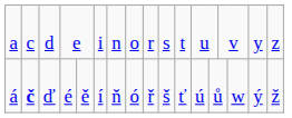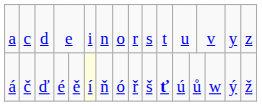 <table class="wikitable" style="line-height: 1.2">
 <tr align=center>
 <td> <br> <a href='#'>a</a></td>
 <td> <br> <a href='#'>c</a></td>
 <td> <br> <a href='#'>d</a></td>
 <td colspan=2> <br> <a href='#'>e</a></td>
 <td> <br> <a href='#'>i</a></td>
 <td> <br> <a href='#'>n</a></td>
 <td> <br> <a href='#'>o</a></td>
 <td> <br> <a href='#'>r</a></td>
 <td> <br> <a href='#'>s</a></td>
 <td> <br> <a href='#'>t</a></td>
 <td colspan=2> <br> <a href='#'>u</a></td>
 <td colspan=2> <br> <a href='#'>v</a></td>
 <td> <br> <a href='#'>y</a></td>
 <td> <br> <a href='#'>z</a></td>
 </tr>
 <tr align=center>
 <td> <br> <a href='#'>á</a></td>
-<td><strong> <br> <a href='#'>č</a></strong></td>
+<td> <br> <a href='#'>č</a></td>
 <td> <br> <a href='#'>ď</a></td>
 <td> <br> <a href='#'>é</a></td>
 <td> <br> <a href='#'>ě</a></td>
-<td> <br> <a href='#'>í</a></td>
+<td style="background: lightyellow;"> <br> <a href='#'>í</a></td>
 <td> <br> <a href='#'>ň</a></td>
 <td> <br> <a href='#'>ó</a></td>
 <td> <br> <a href='#'>ř</a></td>
 <td> <br> <a href='#'>š</a></td>
-<td> <br> <a href='#'>ť</a></td>
+<td><strong> <br> <a href='#'>ť</a></strong></td>
 <td> <br> <a href='#'>ú</a></td>
 <td colspan=2> <br> <a href='#'>ů</a></td>
 <td> <br> <a href='#'>w</a></td>
 <td> <br> <a href='#'>ý</a></td>
 <td> <br> <a href='#'>ž</a></td>
 </tr>
 </table>
